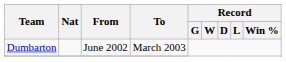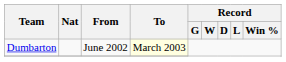 <table class="wikitable" style="text-align: center">
 <tr>
 <th rowspan="2">Team</th>
 <th rowspan="2">Nat</th>
 <th rowspan="2">From</th>
 <th rowspan="2">To</th>
 <th colspan="5">Record</th>
 </tr>
 <tr>
 <th>G</th>
 <th>W</th>
 <th>D</th>
 <th>L</th>
 <th>Win %</th>
 </tr>
 <tr>
 <td align=left><a href='#'>Dumbarton</a></td>
 <td></td>
 <td align=left>June 2002</td>
-<td align=left>March 2003<br></td>
+<td align=left style="background: lightyellow;">March 2003<br></td>
 </tr>
 <tr>
 </tr>
 </table>
